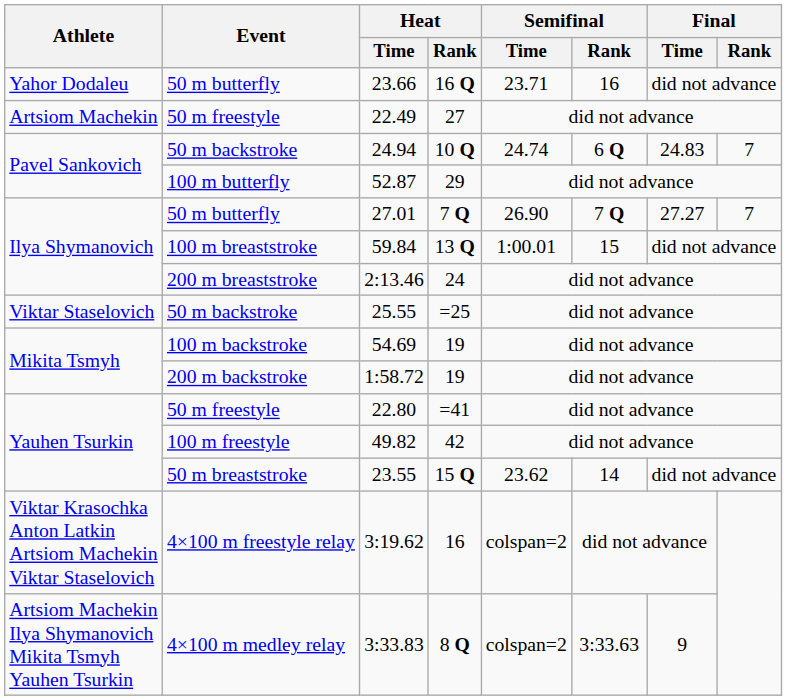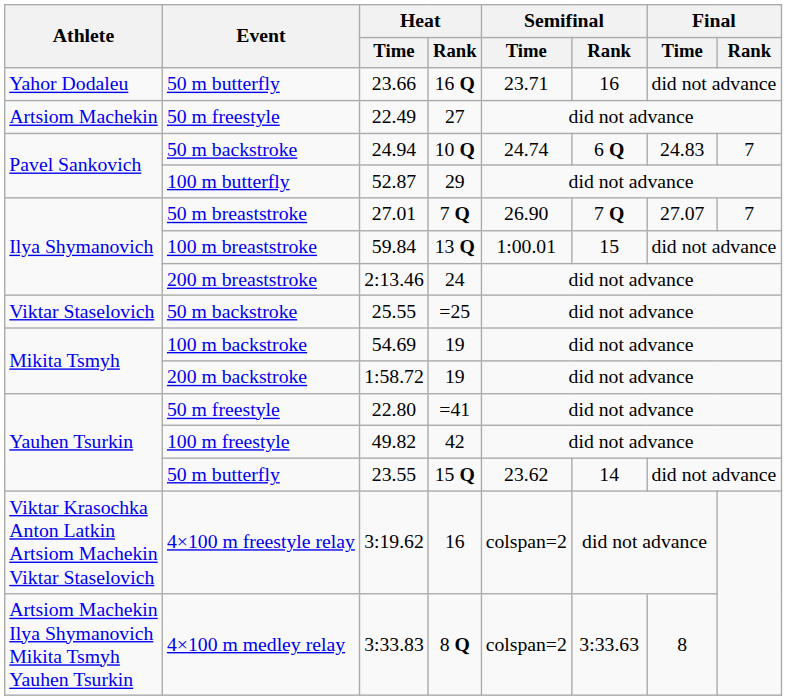 <table class=wikitable style="font-size:90%">
 <tr>
 <th rowspan="2">Athlete</th>
 <th rowspan="2">Event</th>
 <th colspan="2">Heat</th>
 <th colspan="2">Semifinal</th>
 <th colspan="2">Final</th>
 </tr>
 <tr style="font-size:95%">
 <th>Time</th>
 <th>Rank</th>
 <th>Time</th>
 <th>Rank</th>
 <th>Time</th>
 <th>Rank</th>
 </tr>
 <tr align=center>
 <td align=left><a href='#'>Yahor Dodaleu</a></td>
 <td align=left><a href='#'>50 m butterfly</a></td>
 <td>23.66</td>
 <td>16 <strong>Q</strong></td>
 <td>23.71</td>
 <td>16</td>
 <td colspan=2>did not advance</td>
 </tr>
 <tr align=center>
 <td align=left><a href='#'>Artsiom Machekin</a></td>
 <td align=left><a href='#'>50 m freestyle</a></td>
 <td>22.49</td>
 <td>27</td>
 <td colspan=4>did not advance</td>
 </tr>
 <tr align=center>
 <td align=left rowspan=2><a href='#'>Pavel Sankovich</a></td>
 <td align=left><a href='#'>50 m backstroke</a></td>
 <td>24.94</td>
 <td>10 <strong>Q</strong></td>
 <td>24.74</td>
 <td>6 <strong>Q</strong></td>
 <td>24.83</td>
 <td>7</td>
 </tr>
 <tr align=center>
 <td align=left><a href='#'>100 m butterfly</a></td>
 <td>52.87</td>
 <td>29</td>
 <td colspan=4>did not advance</td>
 </tr>
 <tr align=center>
 <td align=left rowspan=3><a href='#'>Ilya Shymanovich</a></td>
-<td align=left><a href='#'>50 m butterfly</a></td>
+<td align=left><a href='#'>50 m breaststroke</a></td>
 <td>27.01</td>
 <td>7 <strong>Q</strong></td>
 <td>26.90</td>
 <td>7 <strong>Q</strong></td>
-<td>27.27</td>
+<td>27.07</td>
 <td>7</td>
 </tr>
 <tr align=center>
 <td align=left><a href='#'>100 m breaststroke</a></td>
 <td>59.84</td>
 <td>13 <strong>Q</strong></td>
 <td>1:00.01</td>
 <td>15</td>
 <td colspan=2>did not advance</td>
 </tr>
 <tr align=center>
 <td align=left><a href='#'>200 m breaststroke</a></td>
 <td>2:13.46</td>
 <td>24</td>
 <td colspan=4>did not advance</td>
 </tr>
 <tr align=center>
 <td align=left><a href='#'>Viktar Staselovich</a></td>
 <td align=left><a href='#'>50 m backstroke</a></td>
 <td>25.55</td>
 <td>=25</td>
 <td colspan=4>did not advance</td>
 </tr>
 <tr align=center>
 <td align=left rowspan=2><a href='#'>Mikita Tsmyh</a></td>
 <td align=left><a href='#'>100 m backstroke</a></td>
 <td>54.69</td>
 <td>19</td>
 <td colspan=4>did not advance</td>
 </tr>
 <tr align=center>
 <td align=left><a href='#'>200 m backstroke</a></td>
 <td>1:58.72</td>
 <td>19</td>
 <td colspan=4>did not advance</td>
 </tr>
 <tr align=center>
 <td align=left rowspan=3><a href='#'>Yauhen Tsurkin</a></td>
 <td align=left><a href='#'>50 m freestyle</a></td>
 <td>22.80</td>
 <td>=41</td>
 <td colspan=4>did not advance</td>
 </tr>
 <tr align=center>
 <td align=left><a href='#'>100 m freestyle</a></td>
 <td>49.82</td>
 <td>42</td>
 <td colspan=4>did not advance</td>
 </tr>
 <tr align=center>
-<td align=left><a href='#'>50 m breaststroke</a></td>
+<td align=left><a href='#'>50 m butterfly</a></td>
 <td>23.55</td>
 <td>15 <strong>Q</strong></td>
 <td>23.62</td>
 <td>14</td>
 <td colspan=2>did not advance</td>
 </tr>
 <tr align=center>
 <td align=left><a href='#'>Viktar Krasochka</a><br><a href='#'>Anton Latkin</a><br><a href='#'>Artsiom Machekin</a><br><a href='#'>Viktar Staselovich</a></td>
 <td align=left><a href='#'>4×100 m freestyle relay</a></td>
 <td>3:19.62</td>
 <td>16</td>
 <td>colspan=2 </td>
 <td colspan=2>did not advance</td>
 </tr>
 <tr align=center>
 <td align=left><a href='#'>Artsiom Machekin</a><br><a href='#'>Ilya Shymanovich</a><br><a href='#'>Mikita Tsmyh</a><br><a href='#'>Yauhen Tsurkin</a></td>
 <td align=left><a href='#'>4×100 m medley relay</a></td>
 <td>3:33.83</td>
 <td>8 <strong>Q</strong></td>
 <td>colspan=2 </td>
 <td>3:33.63</td>
-<td>9</td>
+<td>8</td>
 </tr>
 </table>
